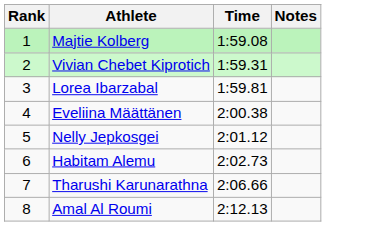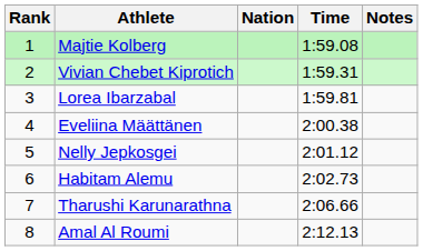 <table class="wikitable sortable" style="text-align:center;">
 <tr>
 <th>Rank</th>
 <th>Athlete</th>
+<th>Nation</th>
 <th>Time</th>
 <th>Notes</th>
 </tr>
 <tr bgcolor=bbf3bb>
 <td>1</td>
 <td align=left><a href='#'>Majtie Kolberg</a></td>
+<td align=left></td>
 <td>1:59.08</td>
 <td></td>
 </tr>
 <tr bgcolor=ccf9cc>
 <td>2</td>
 <td align=left><a href='#'>Vivian Chebet Kiprotich</a></td>
+<td align=left></td>
 <td>1:59.31</td>
 <td></td>
 </tr>
 <tr>
 <td>3</td>
 <td align=left><a href='#'>Lorea Ibarzabal</a></td>
+<td align=left></td>
 <td>1:59.81</td>
 <td></td>
 </tr>
 <tr>
 <td>4</td>
 <td align=left><a href='#'>Eveliina Määttänen</a></td>
+<td align=left></td>
 <td>2:00.38</td>
 <td></td>
 </tr>
 <tr>
 <td>5</td>
 <td align=left><a href='#'>Nelly Jepkosgei</a></td>
+<td align=left></td>
 <td>2:01.12</td>
 <td></td>
 </tr>
 <tr>
 <td>6</td>
 <td align=left><a href='#'>Habitam Alemu</a></td>
+<td align=left></td>
 <td>2:02.73</td>
 <td></td>
 </tr>
 <tr>
 <td>7</td>
 <td align=left><a href='#'>Tharushi Karunarathna</a></td>
+<td align=left></td>
 <td>2:06.66</td>
 <td></td>
 </tr>
 <tr>
 <td>8</td>
 <td align=left><a href='#'>Amal Al Roumi</a></td>
+<td align=left></td>
 <td>2:12.13</td>
 <td></td>
 </tr>
 </table>
